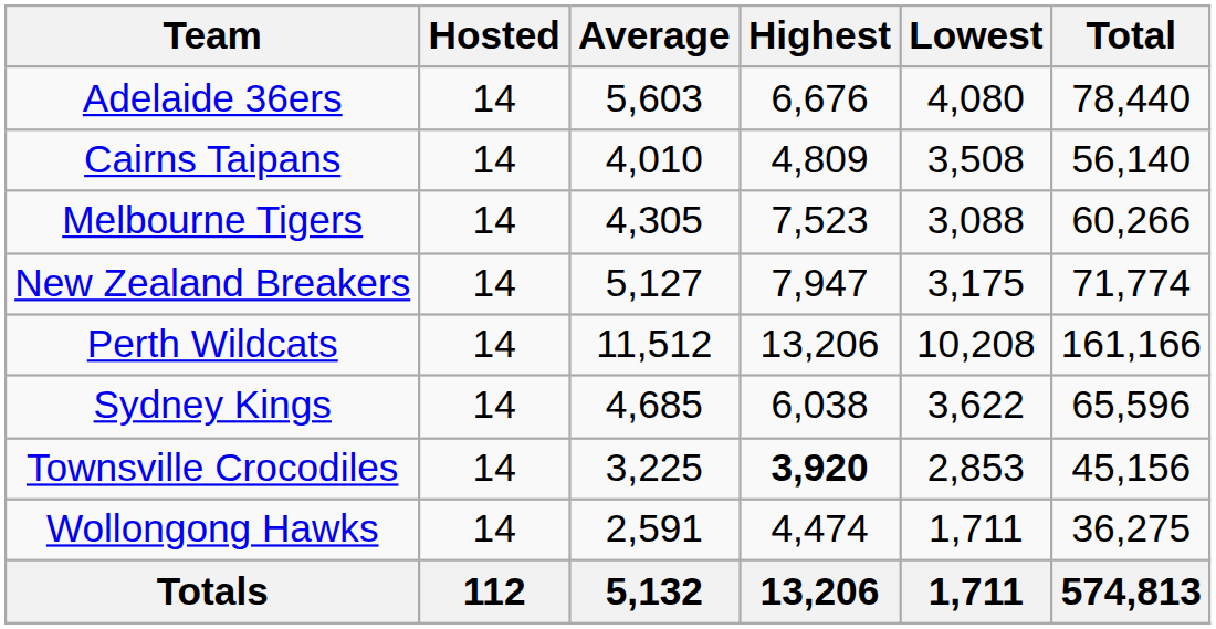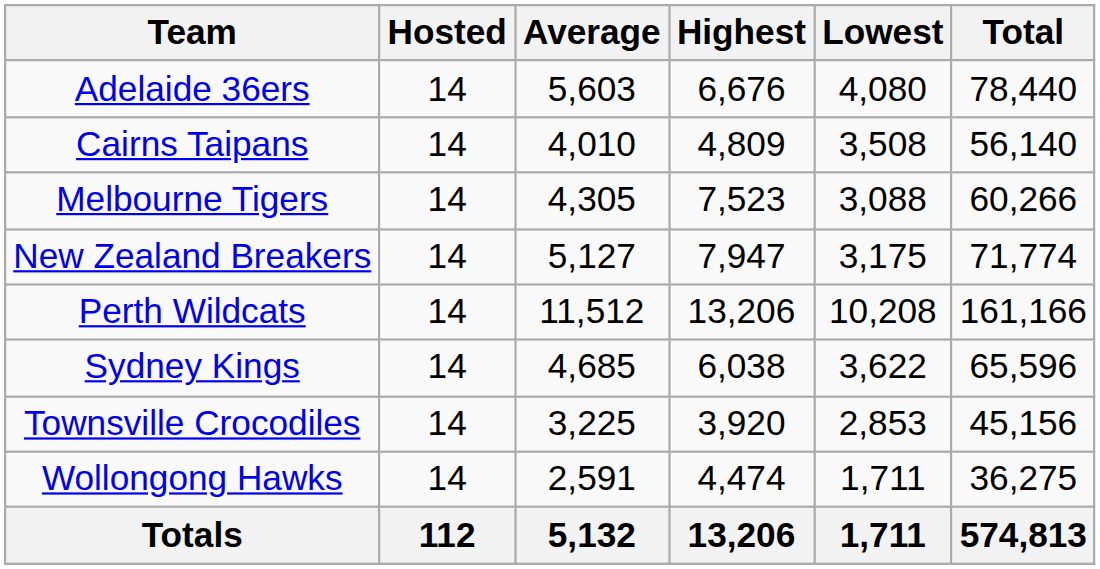 <table class="wikitable sortable" style="text-align:center;">
 <tr>
 <th>Team</th>
 <th>Hosted</th>
 <th>Average</th>
 <th>Highest</th>
 <th>Lowest</th>
 <th>Total</th>
 </tr>
 <tr>
 <td><a href='#'>Adelaide 36ers</a></td>
 <td>14</td>
 <td>5,603</td>
 <td>6,676</td>
 <td>4,080</td>
 <td>78,440</td>
 </tr>
 <tr>
 <td><a href='#'>Cairns Taipans</a></td>
 <td>14</td>
 <td>4,010</td>
 <td>4,809</td>
 <td>3,508</td>
 <td>56,140</td>
 </tr>
 <tr>
 <td><a href='#'>Melbourne Tigers</a></td>
 <td>14</td>
 <td>4,305</td>
 <td>7,523</td>
 <td>3,088</td>
 <td>60,266</td>
 </tr>
 <tr>
 <td><a href='#'>New Zealand Breakers</a></td>
 <td>14</td>
 <td>5,127</td>
 <td>7,947</td>
 <td>3,175</td>
 <td>71,774</td>
 </tr>
 <tr>
 <td><a href='#'>Perth Wildcats</a></td>
 <td>14</td>
 <td>11,512</td>
 <td>13,206</td>
 <td>10,208</td>
 <td>161,166</td>
 </tr>
 <tr>
 <td><a href='#'>Sydney Kings</a></td>
 <td>14</td>
 <td>4,685</td>
 <td>6,038</td>
 <td>3,622</td>
 <td>65,596</td>
 </tr>
 <tr>
 <td><a href='#'>Townsville Crocodiles</a></td>
 <td>14</td>
 <td>3,225</td>
-<td><strong>3,920</strong></td>
+<td>3,920</td>
 <td>2,853</td>
 <td>45,156</td>
 </tr>
 <tr>
 <td><a href='#'>Wollongong Hawks</a></td>
 <td>14</td>
 <td>2,591</td>
 <td>4,474</td>
 <td>1,711</td>
 <td>36,275</td>
 </tr>
 <tr class="sortbottom">
 <th>Totals</th>
 <th>112</th>
 <th>5,132</th>
 <th>13,206</th>
 <th>1,711</th>
 <th>574,813</th>
 </tr>
 <tr class="sortbottom">
 </tr>
 </table>
